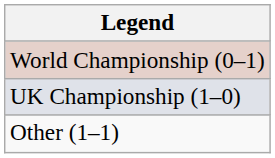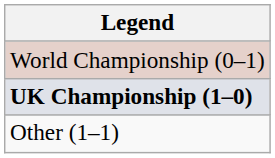 <table class="wikitable">
 <tr>
 <th>Legend</th>
 </tr>
 <tr style="background:#e5d1cb;">
 <td>World Championship (0–1)</td>
 </tr>
 <tr style="background:#dfe2e9;">
-<td>UK Championship (1–0)</td>
+<td><strong>UK Championship (1–0)</strong></td>
 </tr>
 <tr bgcolor=>
 <td>Other (1–1)</td>
 </tr>
 </table>
